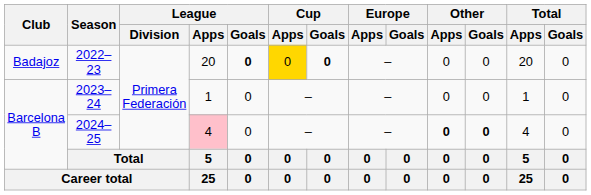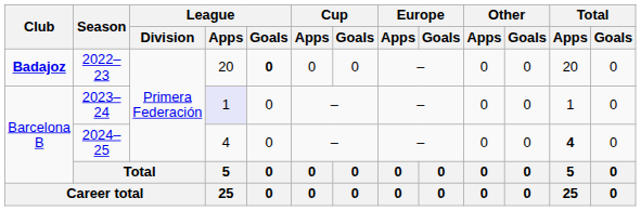 <table class="wikitable" style="text-align:center">
 <tr>
 <th rowspan=2>Club</th>
 <th rowspan=2>Season</th>
 <th colspan=3>League</th>
 <th colspan=2>Cup</th>
 <th colspan=2>Europe</th>
 <th colspan=2>Other</th>
 <th colspan=2>Total</th>
 </tr>
 <tr>
 <th>Division</th>
 <th>Apps</th>
 <th>Goals</th>
 <th>Apps</th>
 <th>Goals</th>
 <th>Apps</th>
 <th>Goals</th>
 <th>Apps</th>
 <th>Goals</th>
 <th>Apps</th>
 <th>Goals</th>
 </tr>
 <tr>
-<td><a href='#'>Badajoz</a></td>
+<td><strong><a href='#'>Badajoz</a></strong></td>
 <td><a href='#'>2022–23</a></td>
 <td rowspan=3><a href='#'>Primera Federación</a></td>
 <td>20</td>
 <td><strong>0</strong></td>
-<td style="background: gold;">0</td>
-<td><strong>0</strong></td>
+<td>0</td>
+<td>0</td>
 <td colspan="2">–</td>
 <td>0</td>
 <td>0</td>
 <td>20</td>
 <td>0</td>
 </tr>
 <tr>
 <td rowspan=3><a href='#'>Barcelona B</a></td>
 <td><a href='#'>2023–24</a></td>
-<td>1</td>
+<td style="background: lavender;">1</td>
 <td>0</td>
 <td colspan="2">–</td>
 <td colspan="2">–</td>
 <td>0</td>
 <td>0</td>
 <td>1</td>
 <td>0</td>
 </tr>
 <tr>
 <td><a href='#'>2024–25</a></td>
-<td style="background: pink;">4</td>
+<td>4</td>
 <td>0</td>
 <td colspan="2">–</td>
 <td colspan="2">–</td>
-<td><strong>0</strong></td>
-<td><strong>0</strong></td>
-<td>4</td>
+<td>0</td>
+<td>0</td>
+<td><strong>4</strong></td>
 <td>0</td>
 </tr>
 <tr>
 <th colspan=2>Total</th>
 <th>5</th>
 <th>0</th>
 <th>0</th>
 <th>0</th>
 <th>0</th>
 <th>0</th>
 <th>0</th>
 <th>0</th>
 <th>5</th>
 <th>0</th>
 </tr>
 <tr>
 <th colspan=3>Career total</th>
 <th>25</th>
 <th>0</th>
 <th>0</th>
 <th>0</th>
 <th>0</th>
 <th>0</th>
 <th>0</th>
 <th>0</th>
 <th>25</th>
 <th>0</th>
 </tr>
 </table>
